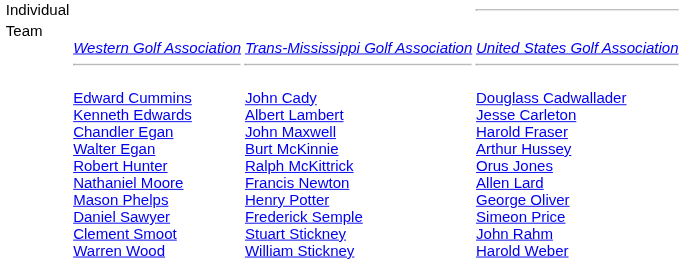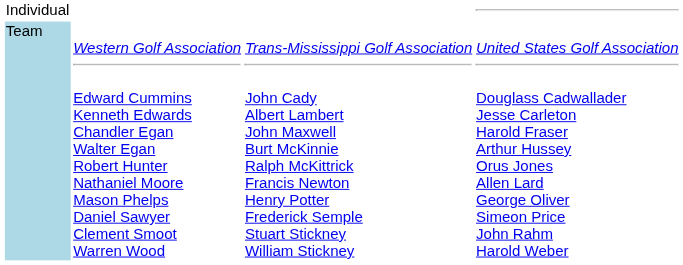 <table>
 <tr valign="top">
 <td>Individual<br></td>
 <td></td>
 <td></td>
 <td><hr></td>
 </tr>
 <tr valign="top">
-<td>Team<br></td>
+<td style="background: lightblue;">Team<br></td>
 <td><br><em><a href='#'>Western Golf Association</a></em><hr><br><a href='#'>Edward Cummins</a><br><a href='#'>Kenneth Edwards</a><br><a href='#'>Chandler Egan</a><br><a href='#'>Walter Egan</a><br><a href='#'>Robert Hunter</a><br><a href='#'>Nathaniel Moore</a><br><a href='#'>Mason Phelps</a><br><a href='#'>Daniel Sawyer</a><br><a href='#'>Clement Smoot</a><br><a href='#'>Warren Wood</a></td>
 <td><br><em><a href='#'>Trans-Mississippi Golf Association</a></em><hr><br><a href='#'>John Cady</a><br><a href='#'>Albert Lambert</a><br><a href='#'>John Maxwell</a><br><a href='#'>Burt McKinnie</a><br><a href='#'>Ralph McKittrick</a><br><a href='#'>Francis Newton</a><br><a href='#'>Henry Potter</a><br><a href='#'>Frederick Semple</a><br><a href='#'>Stuart Stickney</a><br><a href='#'>William Stickney</a></td>
 <td><br><em><a href='#'>United States Golf Association</a></em><hr><br><a href='#'>Douglass Cadwallader</a><br><a href='#'>Jesse Carleton</a><br><a href='#'>Harold Fraser</a><br><a href='#'>Arthur Hussey</a><br><a href='#'>Orus Jones</a><br><a href='#'>Allen Lard</a><br><a href='#'>George Oliver</a><br><a href='#'>Simeon Price</a><br><a href='#'>John Rahm</a><br><a href='#'>Harold Weber</a></td>
 </tr>
 </table>
